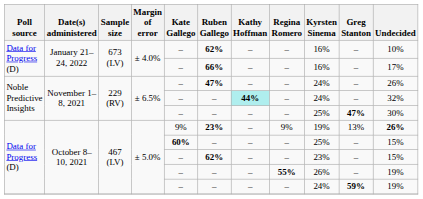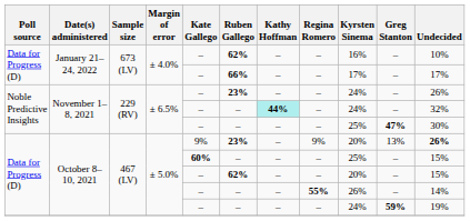 <table class="wikitable" style="font-size:90%;text-align:center;">
 <tr style="vertical-align:bottom">
 <th>Poll source</th>
 <th>Date(s)<br>administered</th>
 <th>Sample<br>size</th>
 <th>Margin<br>of error</th>
 <th style="width:60px;">Kate<br>Gallego</th>
 <th style="width:60px;">Ruben<br>Gallego</th>
 <th style="width:60px;">Kathy<br>Hoffman</th>
 <th style="width:60px;">Regina<br>Romero</th>
 <th style="width:60px;">Kyrsten<br>Sinema</th>
 <th style="width:60px;">Greg<br>Stanton</th>
 <th>Undecided</th>
 </tr>
 <tr>
 <td style="text-align:left;" rowspan="2"><a href='#'>Data for Progress</a> (D)</td>
 <td rowspan="2">January 21–24, 2022</td>
 <td rowspan="2">673 (LV)</td>
 <td rowspan="2">± 4.0%</td>
 <td>–</td>
 <td><strong>62%</strong></td>
 <td>–</td>
 <td>–</td>
 <td>16%</td>
 <td>–</td>
 <td>10%</td>
 </tr>
 <tr>
 <td>–</td>
 <td><strong>66%</strong></td>
 <td>–</td>
 <td>–</td>
-<td>16%</td>
+<td>17%</td>
 <td>–</td>
 <td>17%</td>
 </tr>
 <tr>
 <td style="text-align:left;" rowspan="3">Noble Predictive Insights</td>
 <td rowspan="3">November 1–8, 2021</td>
 <td rowspan="3">229 (RV)</td>
 <td rowspan="3">± 6.5%</td>
 <td>–</td>
-<td><strong>47%</strong></td>
+<td><strong>23%</strong></td>
 <td>–</td>
 <td>–</td>
 <td>24%</td>
 <td>–</td>
 <td>26%</td>
 </tr>
 <tr>
 <td>–</td>
 <td>–</td>
 <td style="background: paleturquoise;"><strong>44%</strong></td>
 <td>–</td>
 <td>24%</td>
 <td>–</td>
 <td>32%</td>
 </tr>
 <tr>
 <td>–</td>
 <td>–</td>
 <td>–</td>
 <td>–</td>
 <td>25%</td>
 <td><strong>47%</strong></td>
 <td>30%</td>
 </tr>
 <tr>
 <td style="text-align:left;" rowspan="5"><a href='#'>Data for Progress</a> (D)</td>
 <td rowspan="5">October 8–10, 2021</td>
 <td rowspan="5">467 (LV)</td>
 <td rowspan="5">± 5.0%</td>
 <td>9%</td>
 <td><strong>23%</strong></td>
 <td>–</td>
 <td>9%</td>
-<td>19%</td>
+<td>20%</td>
 <td>13%</td>
 <td><strong>26%</strong></td>
 </tr>
 <tr>
 <td><strong>60%</strong></td>
 <td>–</td>
 <td>–</td>
 <td>–</td>
 <td>25%</td>
 <td>–</td>
 <td>15%</td>
 </tr>
 <tr>
 <td>–</td>
 <td><strong>62%</strong></td>
 <td>–</td>
 <td>–</td>
-<td>23%</td>
+<td>20%</td>
 <td>–</td>
 <td>15%</td>
 </tr>
 <tr>
 <td>–</td>
 <td>–</td>
 <td>–</td>
 <td><strong>55%</strong></td>
 <td>26%</td>
 <td>–</td>
-<td>19%</td>
+<td>14%</td>
 </tr>
 <tr>
 <td>–</td>
 <td>–</td>
 <td>–</td>
 <td>–</td>
 <td>24%</td>
 <td><strong>59%</strong></td>
 <td>19%</td>
 </tr>
 <tr>
 </tr>
 </table>
